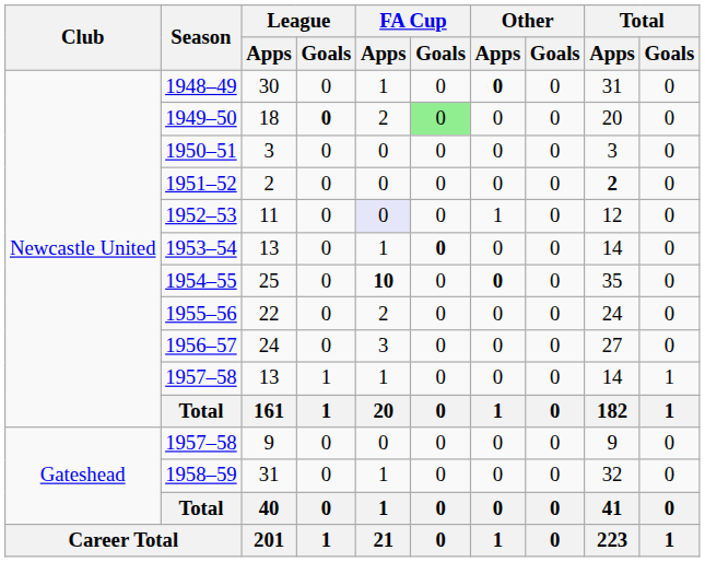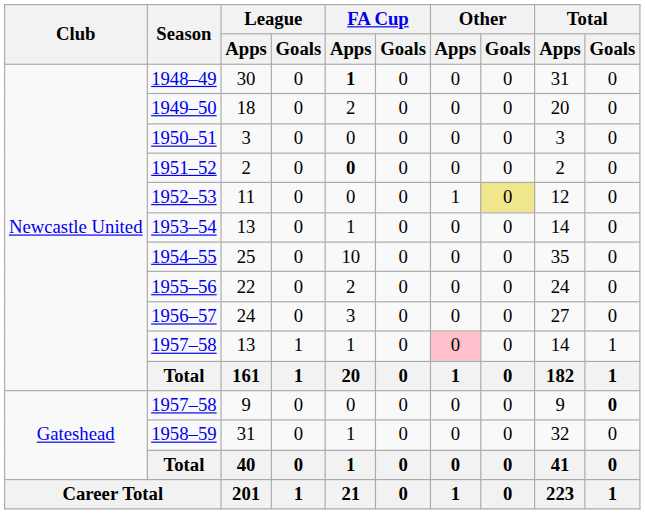 <table class="wikitable" style="text-align: center;">
 <tr>
 <th rowspan="2">Club</th>
 <th rowspan="2">Season</th>
 <th colspan="2">League</th>
 <th colspan="2"><a href='#'>FA Cup</a></th>
 <th colspan="2">Other</th>
 <th colspan="2">Total</th>
 </tr>
 <tr>
 <th>Apps</th>
 <th>Goals</th>
 <th>Apps</th>
 <th>Goals</th>
 <th>Apps</th>
 <th>Goals</th>
 <th>Apps</th>
 <th>Goals</th>
 </tr>
 <tr>
 <td rowspan="11"><a href='#'>Newcastle United</a></td>
 <td><a href='#'>1948–49</a></td>
 <td>30</td>
 <td>0</td>
-<td>1</td>
+<td><strong>1</strong></td>
 <td>0</td>
-<td><strong>0</strong></td>
+<td>0</td>
 <td>0</td>
 <td>31</td>
 <td>0</td>
 </tr>
 <tr>
 <td><a href='#'>1949–50</a></td>
 <td>18</td>
-<td><strong>0</strong></td>
+<td>0</td>
 <td>2</td>
-<td style="background: lightgreen;">0</td>
+<td>0</td>
 <td>0</td>
 <td>0</td>
 <td>20</td>
 <td>0</td>
 </tr>
 <tr>
 <td><a href='#'>1950–51</a></td>
 <td>3</td>
 <td>0</td>
 <td>0</td>
 <td>0</td>
 <td>0</td>
 <td>0</td>
 <td>3</td>
 <td>0</td>
 </tr>
 <tr>
 <td><a href='#'>1951–52</a></td>
 <td>2</td>
 <td>0</td>
+<td><strong>0</strong></td>
 <td>0</td>
 <td>0</td>
 <td>0</td>
-<td>0</td>
-<td><strong>2</strong></td>
+<td>2</td>
 <td>0</td>
 </tr>
 <tr>
 <td><a href='#'>1952–53</a></td>
 <td>11</td>
 <td>0</td>
-<td style="background: lavender;">0</td>
+<td>0</td>
 <td>0</td>
 <td>1</td>
-<td>0</td>
+<td style="background: khaki;">0</td>
 <td>12</td>
 <td>0</td>
 </tr>
 <tr>
 <td><a href='#'>1953–54</a></td>
 <td>13</td>
 <td>0</td>
 <td>1</td>
-<td><strong>0</strong></td>
+<td>0</td>
 <td>0</td>
 <td>0</td>
 <td>14</td>
 <td>0</td>
 </tr>
 <tr>
 <td><a href='#'>1954–55</a></td>
 <td>25</td>
 <td>0</td>
-<td><strong>10</strong></td>
+<td>10</td>
 <td>0</td>
-<td><strong>0</strong></td>
+<td>0</td>
 <td>0</td>
 <td>35</td>
 <td>0</td>
 </tr>
 <tr>
 <td><a href='#'>1955–56</a></td>
 <td>22</td>
 <td>0</td>
 <td>2</td>
 <td>0</td>
 <td>0</td>
 <td>0</td>
 <td>24</td>
 <td>0</td>
 </tr>
 <tr>
 <td><a href='#'>1956–57</a></td>
 <td>24</td>
 <td>0</td>
 <td>3</td>
 <td>0</td>
 <td>0</td>
 <td>0</td>
 <td>27</td>
 <td>0</td>
 </tr>
 <tr>
 <td><a href='#'>1957–58</a></td>
 <td>13</td>
 <td>1</td>
 <td>1</td>
 <td>0</td>
-<td>0</td>
+<td style="background: pink;">0</td>
 <td>0</td>
 <td>14</td>
 <td>1</td>
 </tr>
 <tr>
 <th>Total</th>
 <th>161</th>
 <th>1</th>
 <th>20</th>
 <th>0</th>
 <th>1</th>
 <th>0</th>
 <th>182</th>
 <th>1</th>
 </tr>
 <tr>
 <td rowspan="3"><a href='#'>Gateshead</a></td>
 <td><a href='#'>1957–58</a></td>
 <td>9</td>
 <td>0</td>
 <td>0</td>
 <td>0</td>
 <td>0</td>
 <td>0</td>
 <td>9</td>
-<td>0</td>
+<td><strong>0</strong></td>
 </tr>
 <tr>
 <td><a href='#'>1958–59</a></td>
 <td>31</td>
 <td>0</td>
 <td>1</td>
 <td>0</td>
 <td>0</td>
 <td>0</td>
 <td>32</td>
 <td>0</td>
 </tr>
 <tr>
 <th>Total</th>
 <th>40</th>
 <th>0</th>
 <th>1</th>
 <th>0</th>
 <th>0</th>
 <th>0</th>
 <th>41</th>
 <th>0</th>
 </tr>
 <tr>
 <th colspan="2">Career Total</th>
 <th>201</th>
 <th>1</th>
 <th>21</th>
 <th>0</th>
 <th>1</th>
 <th>0</th>
 <th>223</th>
 <th>1</th>
 </tr>
 </table>
